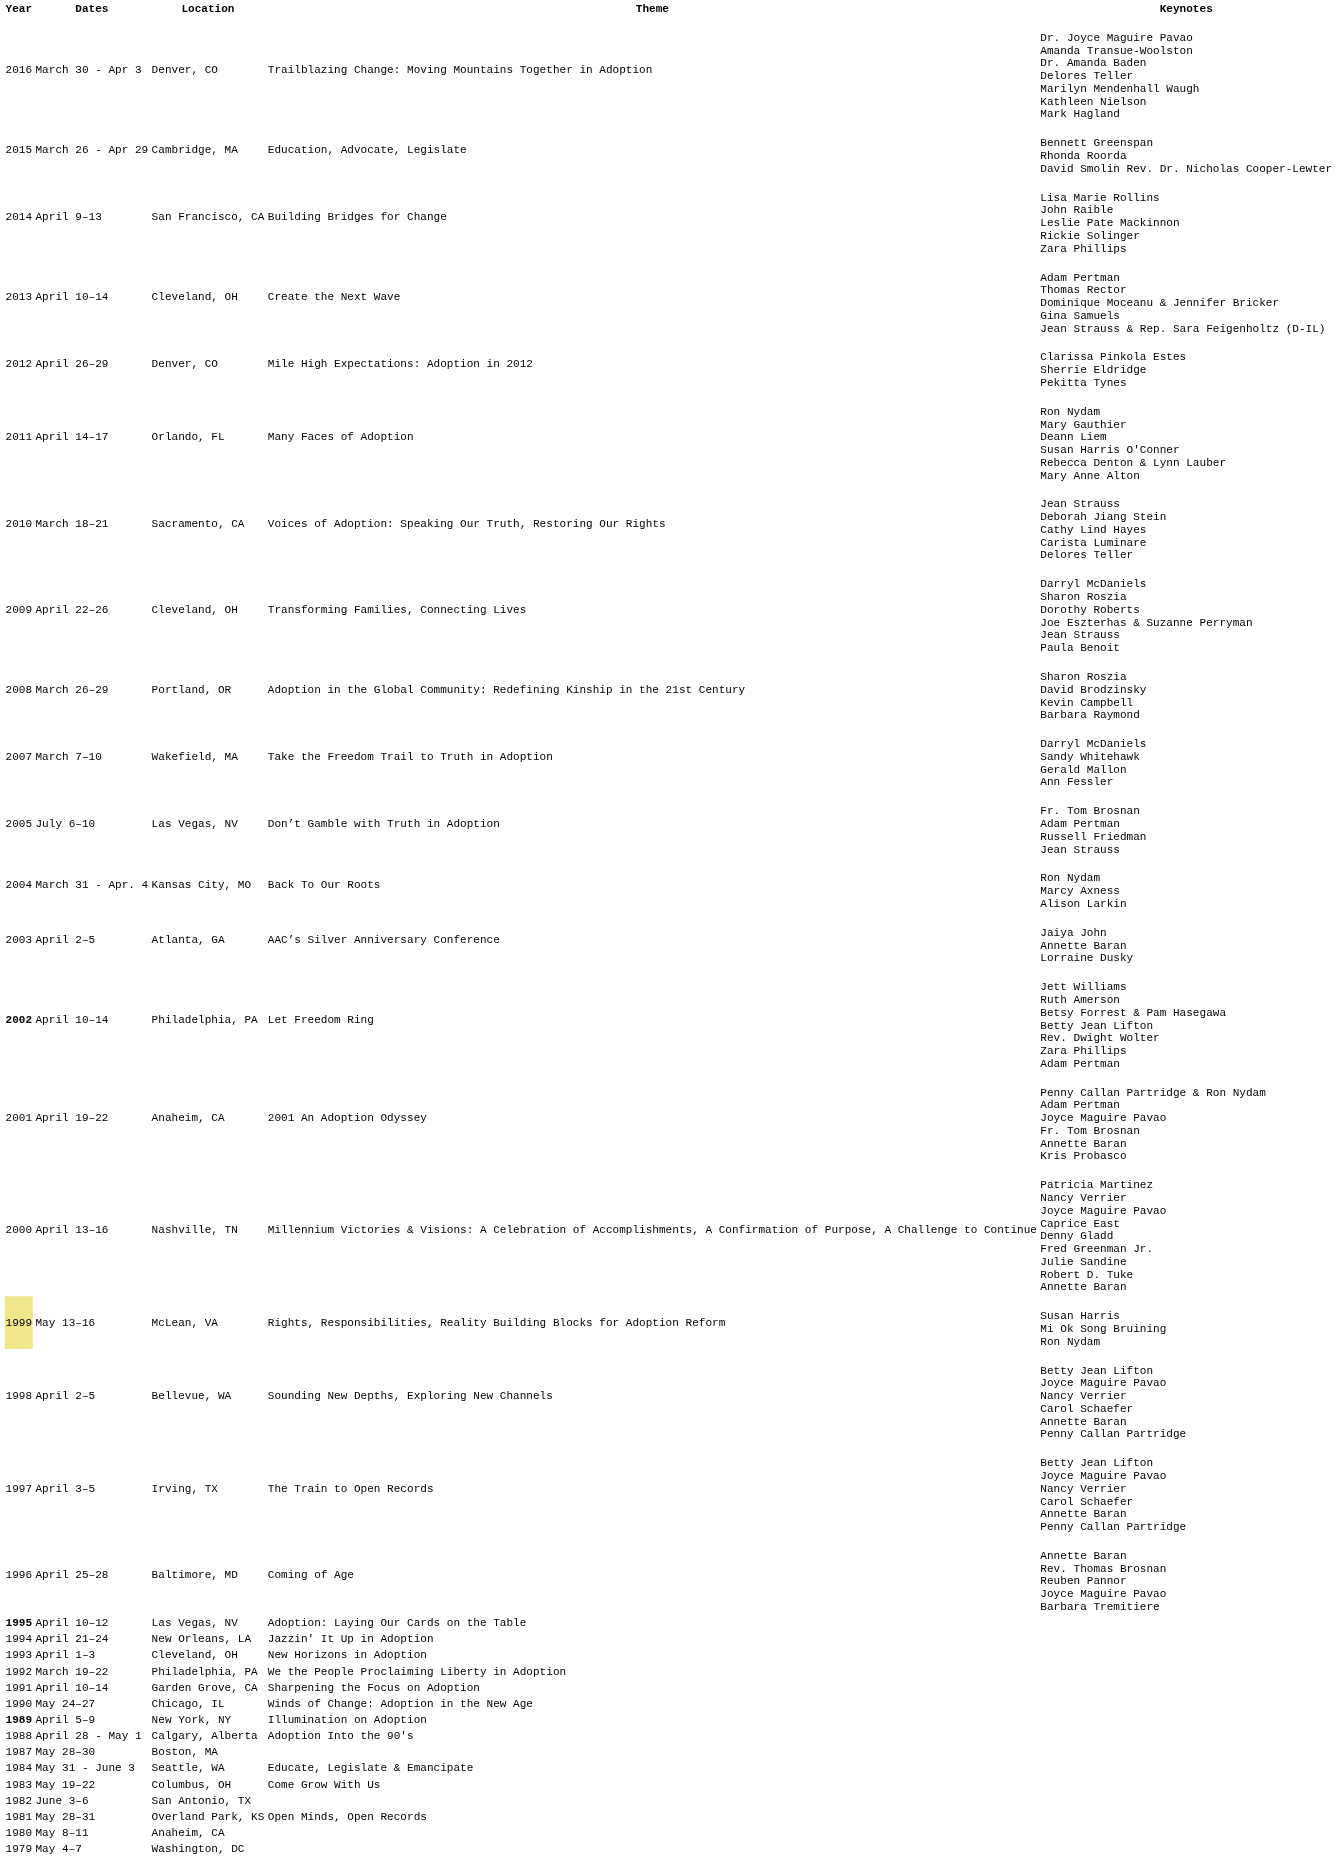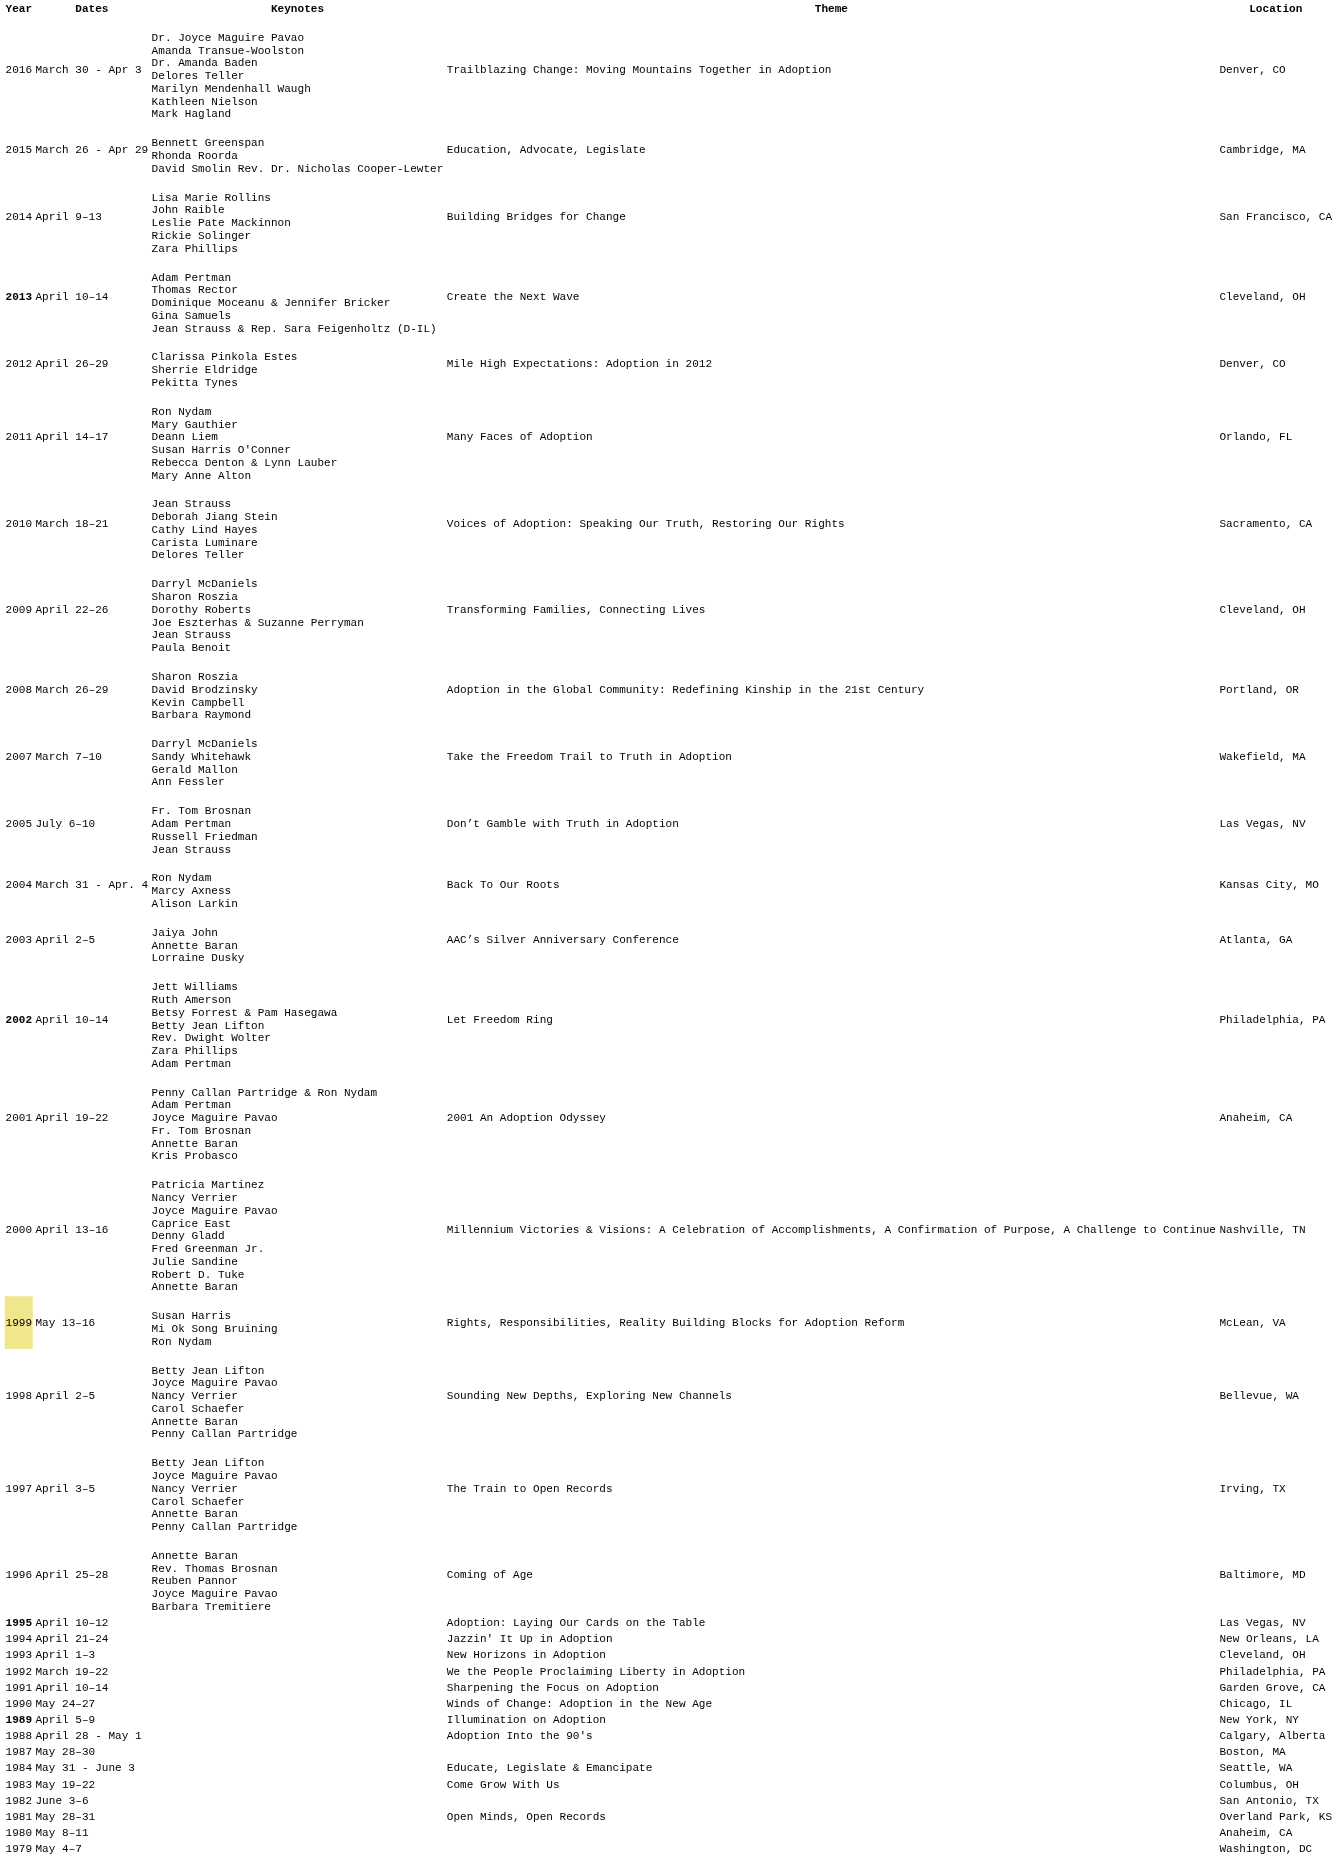 <table class="wiki table">
 <tr>
 <th>Year</th>
 <th>Dates</th>
+<th>Keynotes</th>
+<th>Theme</th>
 <th>Location</th>
-<th>Theme</th>
-<th>Keynotes</th>
 </tr>
 <tr>
 <td>2016</td>
 <td>March 30 - Apr 3</td>
+<td><br>Dr. Joyce Maguire Pavao<br> Amanda Transue-Woolston<br> Dr. Amanda Baden<br> Delores Teller<br> Marilyn Mendenhall Waugh<br> Kathleen Nielson<br> Mark Hagland</td>
+<td>Trailblazing Change: Moving Mountains Together in Adoption</td>
 <td>Denver, CO</td>
-<td>Trailblazing Change: Moving Mountains Together in Adoption</td>
-<td><br>Dr. Joyce Maguire Pavao<br> Amanda Transue-Woolston<br> Dr. Amanda Baden<br> Delores Teller<br> Marilyn Mendenhall Waugh<br> Kathleen Nielson<br> Mark Hagland</td>
 </tr>
 <tr>
 <td>2015</td>
 <td>March 26 - Apr 29</td>
+<td><br>Bennett Greenspan<br> Rhonda Roorda<br> David Smolin Rev. Dr. Nicholas Cooper-Lewter</td>
+<td>Education, Advocate, Legislate</td>
 <td>Cambridge, MA</td>
-<td>Education, Advocate, Legislate</td>
-<td><br>Bennett Greenspan<br> Rhonda Roorda<br> David Smolin Rev. Dr. Nicholas Cooper-Lewter</td>
 </tr>
 <tr>
 <td>2014</td>
 <td>April 9–13</td>
+<td><br>Lisa Marie Rollins<br> John Raible<br> Leslie Pate Mackinnon<br> Rickie Solinger<br> Zara Phillips</td>
+<td>Building Bridges for Change</td>
 <td>San Francisco, CA</td>
-<td>Building Bridges for Change</td>
-<td><br>Lisa Marie Rollins<br> John Raible<br> Leslie Pate Mackinnon<br> Rickie Solinger<br> Zara Phillips</td>
 </tr>
 <tr>
-<td>2013</td>
+<td><strong>2013</strong></td>
 <td>April 10–14</td>
+<td><br>Adam Pertman<br> Thomas Rector<br> Dominique Moceanu & Jennifer Bricker<br> Gina Samuels<br> Jean Strauss & Rep. Sara Feigenholtz (D-IL)</td>
+<td>Create the Next Wave</td>
 <td>Cleveland, OH</td>
-<td>Create the Next Wave</td>
-<td><br>Adam Pertman<br> Thomas Rector<br> Dominique Moceanu & Jennifer Bricker<br> Gina Samuels<br> Jean Strauss & Rep. Sara Feigenholtz (D-IL)</td>
 </tr>
 <tr>
 <td>2012</td>
 <td>April 26–29</td>
+<td><br>Clarissa Pinkola Estes<br> Sherrie Eldridge<br> Pekitta Tynes</td>
+<td>Mile High Expectations: Adoption in 2012</td>
 <td>Denver, CO</td>
-<td>Mile High Expectations: Adoption in 2012</td>
-<td><br>Clarissa Pinkola Estes<br> Sherrie Eldridge<br> Pekitta Tynes</td>
 </tr>
 <tr>
 <td>2011</td>
 <td>April 14–17</td>
+<td><br>Ron Nydam<br> Mary Gauthier<br> Deann Liem<br> Susan Harris O'Conner<br> Rebecca Denton & Lynn Lauber<br> Mary Anne Alton</td>
+<td>Many Faces of Adoption</td>
 <td>Orlando, FL</td>
-<td>Many Faces of Adoption</td>
-<td><br>Ron Nydam<br> Mary Gauthier<br> Deann Liem<br> Susan Harris O'Conner<br> Rebecca Denton & Lynn Lauber<br> Mary Anne Alton</td>
 </tr>
 <tr>
 <td>2010</td>
 <td>March 18–21</td>
+<td><br>Jean Strauss<br> Deborah Jiang Stein<br> Cathy Lind Hayes<br> Carista Luminare<br> Delores Teller</td>
+<td>Voices of Adoption: Speaking Our Truth, Restoring Our Rights</td>
 <td>Sacramento, CA</td>
-<td>Voices of Adoption: Speaking Our Truth, Restoring Our Rights</td>
-<td><br>Jean Strauss<br> Deborah Jiang Stein<br> Cathy Lind Hayes<br> Carista Luminare<br> Delores Teller</td>
 </tr>
 <tr>
 <td>2009</td>
 <td>April 22–26</td>
+<td><br>Darryl McDaniels<br> Sharon Roszia<br> Dorothy Roberts<br> Joe Eszterhas & Suzanne Perryman<br> Jean Strauss<br> Paula Benoit</td>
+<td>Transforming Families, Connecting Lives</td>
 <td>Cleveland, OH</td>
-<td>Transforming Families, Connecting Lives</td>
-<td><br>Darryl McDaniels<br> Sharon Roszia<br> Dorothy Roberts<br> Joe Eszterhas & Suzanne Perryman<br> Jean Strauss<br> Paula Benoit</td>
 </tr>
 <tr>
 <td>2008</td>
 <td>March 26–29</td>
+<td><br>Sharon Roszia<br> David Brodzinsky<br> Kevin Campbell<br> Barbara Raymond</td>
+<td>Adoption in the Global Community: Redefining Kinship in the 21st Century</td>
 <td>Portland, OR</td>
-<td>Adoption in the Global Community: Redefining Kinship in the 21st Century</td>
-<td><br>Sharon Roszia<br> David Brodzinsky<br> Kevin Campbell<br> Barbara Raymond</td>
 </tr>
 <tr>
 <td>2007</td>
 <td>March 7–10</td>
+<td><br>Darryl McDaniels<br> Sandy Whitehawk<br> Gerald Mallon<br> Ann Fessler</td>
+<td>Take the Freedom Trail to Truth in Adoption</td>
 <td>Wakefield, MA</td>
-<td>Take the Freedom Trail to Truth in Adoption</td>
-<td><br>Darryl McDaniels<br> Sandy Whitehawk<br> Gerald Mallon<br> Ann Fessler</td>
 </tr>
 <tr>
 <td>2005</td>
 <td>July 6–10</td>
+<td><br>Fr. Tom Brosnan<br> Adam Pertman<br> Russell Friedman<br> Jean Strauss</td>
+<td>Don’t Gamble with Truth in Adoption</td>
 <td>Las Vegas, NV</td>
-<td>Don’t Gamble with Truth in Adoption</td>
-<td><br>Fr. Tom Brosnan<br> Adam Pertman<br> Russell Friedman<br> Jean Strauss</td>
 </tr>
 <tr>
 <td>2004</td>
 <td>March 31 - Apr. 4</td>
+<td><br>Ron Nydam<br> Marcy Axness<br> Alison Larkin</td>
+<td>Back To Our Roots</td>
 <td>Kansas City, MO</td>
-<td>Back To Our Roots</td>
-<td><br>Ron Nydam<br> Marcy Axness<br> Alison Larkin</td>
 </tr>
 <tr>
 <td>2003</td>
 <td>April 2–5</td>
+<td><br>Jaiya John<br> Annette Baran<br> Lorraine Dusky</td>
+<td>AAC’s Silver Anniversary Conference</td>
 <td>Atlanta, GA</td>
-<td>AAC’s Silver Anniversary Conference</td>
-<td><br>Jaiya John<br> Annette Baran<br> Lorraine Dusky</td>
 </tr>
 <tr>
 <td><strong>2002</strong></td>
 <td>April 10–14</td>
+<td><br>Jett Williams<br> Ruth Amerson<br> Betsy Forrest & Pam Hasegawa<br> Betty Jean Lifton<br> Rev. Dwight Wolter<br> Zara Phillips<br> Adam Pertman</td>
+<td>Let Freedom Ring</td>
 <td>Philadelphia, PA</td>
-<td>Let Freedom Ring</td>
-<td><br>Jett Williams<br> Ruth Amerson<br> Betsy Forrest & Pam Hasegawa<br> Betty Jean Lifton<br> Rev. Dwight Wolter<br> Zara Phillips<br> Adam Pertman</td>
 </tr>
 <tr>
 <td>2001</td>
 <td>April 19–22</td>
+<td><br>Penny Callan Partridge & Ron Nydam<br> Adam Pertman<br> Joyce Maguire Pavao<br> Fr. Tom Brosnan<br> Annette Baran<br> Kris Probasco</td>
+<td>2001 An Adoption Odyssey</td>
 <td>Anaheim, CA</td>
-<td>2001 An Adoption Odyssey</td>
-<td><br>Penny Callan Partridge & Ron Nydam<br> Adam Pertman<br> Joyce Maguire Pavao<br> Fr. Tom Brosnan<br> Annette Baran<br> Kris Probasco</td>
 </tr>
 <tr>
 <td>2000</td>
 <td>April 13–16</td>
+<td><br>Patricia Martinez<br> Nancy Verrier<br> Joyce Maguire Pavao<br> Caprice East<br> Denny Gladd<br> Fred Greenman Jr.<br> Julie Sandine<br> Robert D. Tuke<br> Annette Baran</td>
+<td>Millennium Victories & Visions: A Celebration of Accomplishments, A Confirmation of Purpose, A Challenge to Continue</td>
 <td>Nashville, TN</td>
-<td>Millennium Victories & Visions: A Celebration of Accomplishments, A Confirmation of Purpose, A Challenge to Continue</td>
-<td><br>Patricia Martinez<br> Nancy Verrier<br> Joyce Maguire Pavao<br> Caprice East<br> Denny Gladd<br> Fred Greenman Jr.<br> Julie Sandine<br> Robert D. Tuke<br> Annette Baran</td>
 </tr>
 <tr>
 <td style="background: khaki;">1999</td>
 <td>May 13–16</td>
+<td><br>Susan Harris<br> Mi Ok Song Bruining<br> Ron Nydam</td>
+<td>Rights, Responsibilities, Reality Building Blocks for Adoption Reform</td>
 <td>McLean, VA</td>
-<td>Rights, Responsibilities, Reality Building Blocks for Adoption Reform</td>
-<td><br>Susan Harris<br> Mi Ok Song Bruining<br> Ron Nydam</td>
 </tr>
 <tr>
 <td>1998</td>
 <td>April 2–5</td>
+<td><br>Betty Jean Lifton<br> Joyce Maguire Pavao<br> Nancy Verrier<br> Carol Schaefer<br> Annette Baran<br> Penny Callan Partridge</td>
+<td>Sounding New Depths, Exploring New Channels</td>
 <td>Bellevue, WA</td>
-<td>Sounding New Depths, Exploring New Channels</td>
-<td><br>Betty Jean Lifton<br> Joyce Maguire Pavao<br> Nancy Verrier<br> Carol Schaefer<br> Annette Baran<br> Penny Callan Partridge</td>
 </tr>
 <tr>
 <td>1997</td>
 <td>April 3–5</td>
+<td><br>Betty Jean Lifton<br> Joyce Maguire Pavao<br> Nancy Verrier<br> Carol Schaefer<br> Annette Baran<br> Penny Callan Partridge</td>
+<td>The Train to Open Records</td>
 <td>Irving, TX</td>
-<td>The Train to Open Records</td>
-<td><br>Betty Jean Lifton<br> Joyce Maguire Pavao<br> Nancy Verrier<br> Carol Schaefer<br> Annette Baran<br> Penny Callan Partridge</td>
 </tr>
 <tr>
 <td>1996</td>
 <td>April 25–28</td>
+<td><br>Annette Baran<br> Rev. Thomas Brosnan<br> Reuben Pannor<br> Joyce Maguire Pavao<br> Barbara Tremitiere</td>
+<td>Coming of Age</td>
 <td>Baltimore, MD</td>
-<td>Coming of Age</td>
-<td><br>Annette Baran<br> Rev. Thomas Brosnan<br> Reuben Pannor<br> Joyce Maguire Pavao<br> Barbara Tremitiere</td>
 </tr>
 <tr>
 <td><strong>1995</strong></td>
 <td>April 10–12</td>
+<td></td>
+<td>Adoption: Laying Our Cards on the Table</td>
 <td>Las Vegas, NV</td>
-<td>Adoption: Laying Our Cards on the Table</td>
-<td></td>
 </tr>
 <tr>
 <td>1994</td>
 <td>April 21–24</td>
+<td></td>
+<td>Jazzin' It Up in Adoption</td>
 <td>New Orleans, LA</td>
-<td>Jazzin' It Up in Adoption</td>
-<td></td>
 </tr>
 <tr>
 <td>1993</td>
 <td>April 1–3</td>
+<td></td>
+<td>New Horizons in Adoption</td>
 <td>Cleveland, OH</td>
-<td>New Horizons in Adoption</td>
-<td></td>
 </tr>
 <tr>
 <td>1992</td>
 <td>March 19–22</td>
+<td></td>
+<td>We the People Proclaiming Liberty in Adoption</td>
 <td>Philadelphia, PA</td>
-<td>We the People Proclaiming Liberty in Adoption</td>
-<td></td>
 </tr>
 <tr>
 <td>1991</td>
 <td>April 10–14</td>
+<td></td>
+<td>Sharpening the Focus on Adoption</td>
 <td>Garden Grove, CA</td>
-<td>Sharpening the Focus on Adoption</td>
-<td></td>
 </tr>
 <tr>
 <td>1990</td>
 <td>May 24–27</td>
+<td></td>
+<td>Winds of Change: Adoption in the New Age</td>
 <td>Chicago, IL</td>
-<td>Winds of Change: Adoption in the New Age</td>
-<td></td>
 </tr>
 <tr>
 <td><strong>1989</strong></td>
 <td>April 5–9</td>
+<td></td>
+<td>Illumination on Adoption</td>
 <td>New York, NY</td>
-<td>Illumination on Adoption</td>
-<td></td>
 </tr>
 <tr>
 <td>1988</td>
 <td>April 28 - May 1</td>
+<td></td>
+<td>Adoption Into the 90's</td>
 <td>Calgary, Alberta</td>
-<td>Adoption Into the 90's</td>
-<td></td>
 </tr>
 <tr>
 <td>1987</td>
 <td>May 28–30</td>
-<td>Boston, MA</td>
 <td></td>
 <td></td>
+<td>Boston, MA</td>
 </tr>
 <tr>
 <td>1984</td>
 <td>May 31 - June 3</td>
+<td></td>
+<td>Educate, Legislate & Emancipate</td>
 <td>Seattle, WA</td>
-<td>Educate, Legislate & Emancipate</td>
-<td></td>
 </tr>
 <tr>
 <td>1983</td>
 <td>May 19–22</td>
+<td></td>
+<td>Come Grow With Us</td>
 <td>Columbus, OH</td>
-<td>Come Grow With Us</td>
-<td></td>
 </tr>
 <tr>
 <td>1982</td>
 <td>June 3–6</td>
-<td>San Antonio, TX</td>
 <td></td>
 <td></td>
+<td>San Antonio, TX</td>
 </tr>
 <tr>
 <td>1981</td>
 <td>May 28–31</td>
+<td></td>
+<td>Open Minds, Open Records</td>
 <td>Overland Park, KS</td>
-<td>Open Minds, Open Records</td>
-<td></td>
 </tr>
 <tr>
 <td>1980</td>
 <td>May 8–11</td>
-<td>Anaheim, CA</td>
 <td></td>
 <td></td>
+<td>Anaheim, CA</td>
 </tr>
 <tr>
 <td>1979</td>
 <td>May 4–7</td>
-<td>Washington, DC</td>
 <td></td>
 <td></td>
+<td>Washington, DC</td>
 </tr>
 </table>
